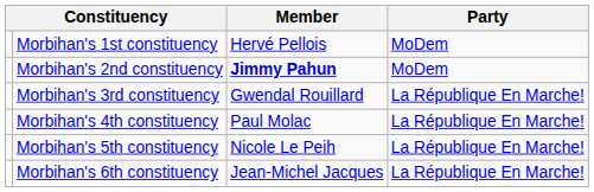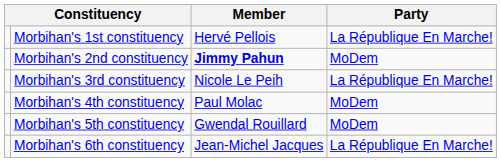 <table class="wikitable">
 <tr>
 <th colspan="2">Constituency</th>
 <th>Member</th>
 <th>Party</th>
 </tr>
 <tr>
 <td style="background-color: "></td>
 <td><a href='#'>Morbihan's 1st constituency</a></td>
 <td><a href='#'>Hervé Pellois</a></td>
-<td><a href='#'>MoDem</a></td>
+<td><a href='#'>La République En Marche!</a></td>
 </tr>
 <tr>
 <td style="background-color: "></td>
 <td><a href='#'>Morbihan's 2nd constituency</a></td>
 <td><strong><a href='#'>Jimmy Pahun</a></strong></td>
 <td><a href='#'>MoDem</a></td>
 </tr>
 <tr>
 <td style="background-color: "></td>
 <td><a href='#'>Morbihan's 3rd constituency</a></td>
-<td><a href='#'>Gwendal Rouillard</a></td>
+<td><a href='#'>Nicole Le Peih</a></td>
 <td><a href='#'>La République En Marche!</a></td>
 </tr>
 <tr>
 <td style="background-color: "></td>
 <td><a href='#'>Morbihan's 4th constituency</a></td>
 <td><a href='#'>Paul Molac</a></td>
-<td><a href='#'>La République En Marche!</a></td>
+<td><a href='#'>MoDem</a></td>
 </tr>
 <tr>
 <td style="background-color: "></td>
 <td><a href='#'>Morbihan's 5th constituency</a></td>
-<td><a href='#'>Nicole Le Peih</a></td>
-<td><a href='#'>La République En Marche!</a></td>
+<td><a href='#'>Gwendal Rouillard</a></td>
+<td><a href='#'>MoDem</a></td>
 </tr>
 <tr>
 <td style="background-color: "></td>
 <td><a href='#'>Morbihan's 6th constituency</a></td>
 <td><a href='#'>Jean-Michel Jacques</a></td>
 <td><a href='#'>La République En Marche!</a></td>
 </tr>
 </table>
